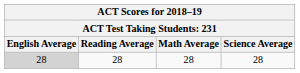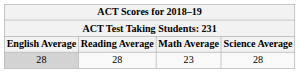 <table class="wikitable" style="text-align:center">
 <tr>
 <th colspan="4">ACT Scores for 2018–19</th>
 </tr>
 <tr>
 <th colspan="4">ACT Test Taking Students: 231</th>
 </tr>
 <tr>
 <th>English Average</th>
 <th>Reading Average</th>
 <th>Math Average</th>
 <th>Science Average</th>
 </tr>
 <tr>
 <td style="background: lightgrey;">28</td>
 <td>28</td>
-<td>28</td>
+<td>23</td>
 <td>28</td>
 </tr>
 </table>
